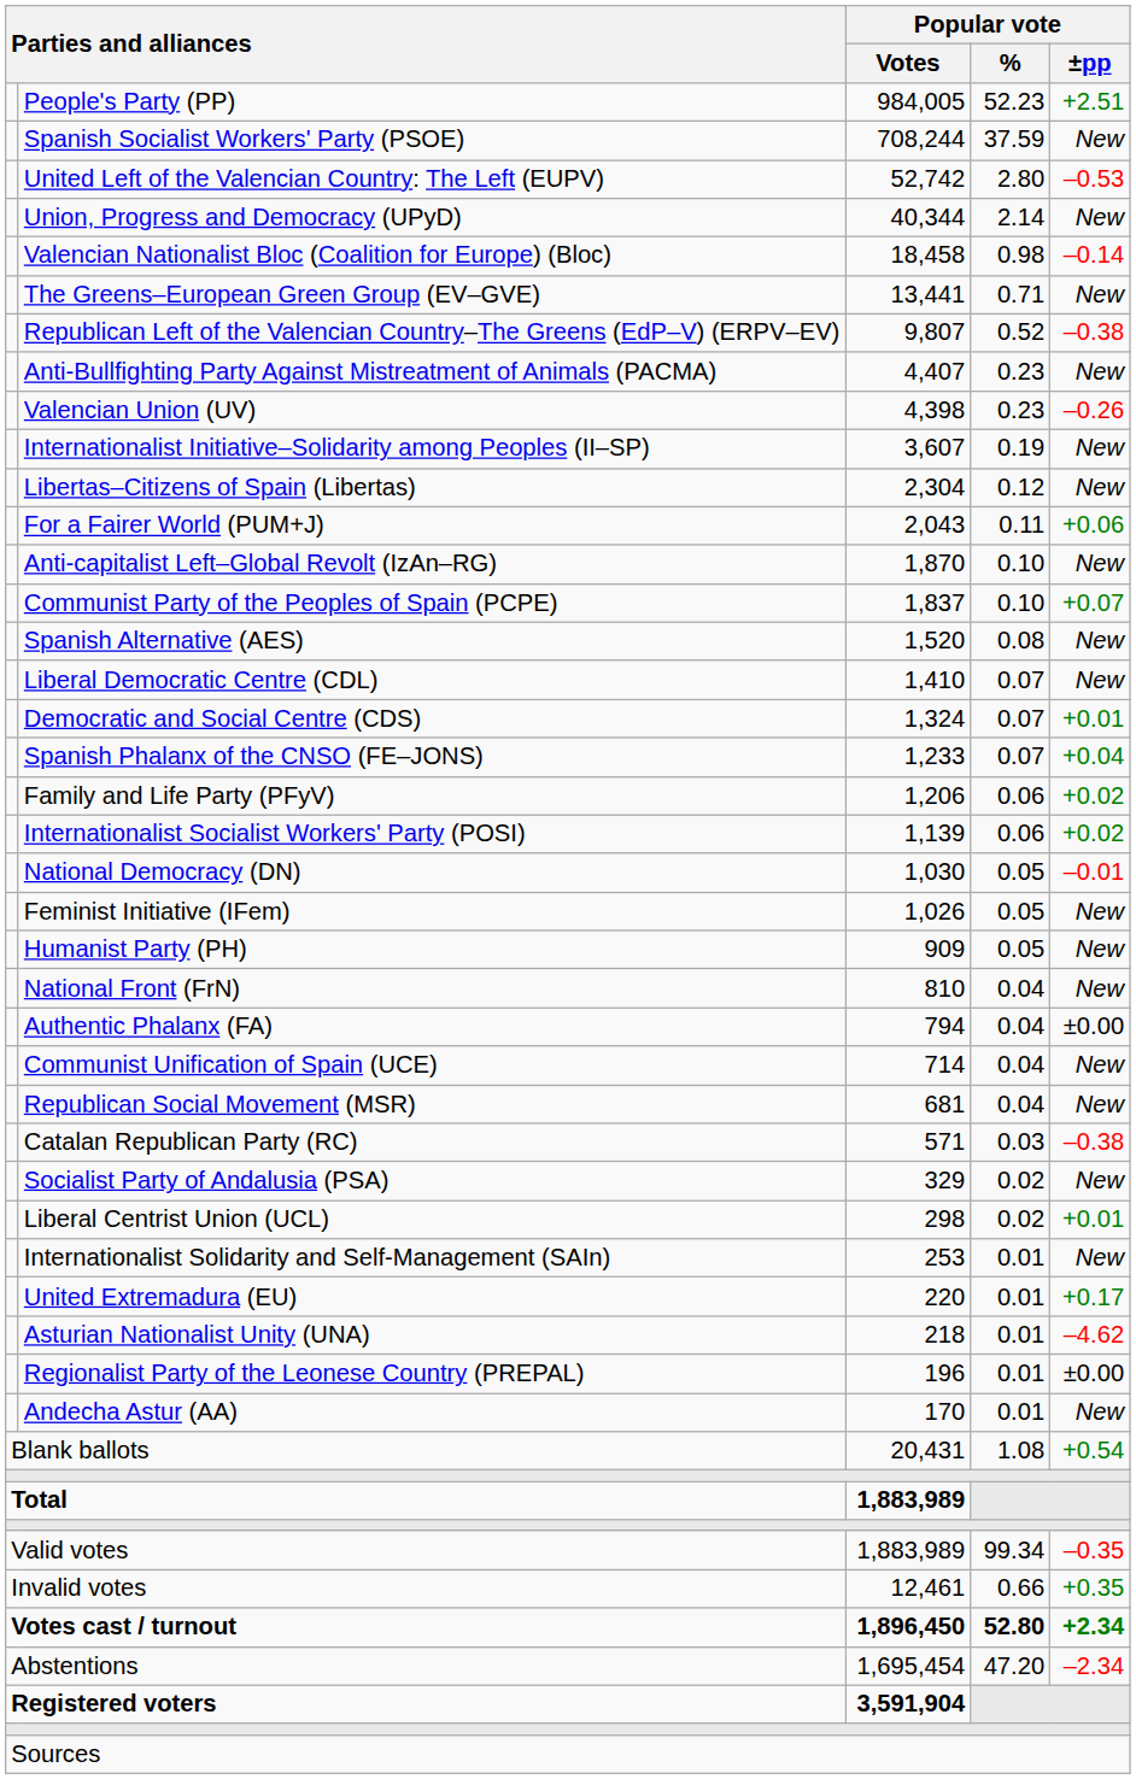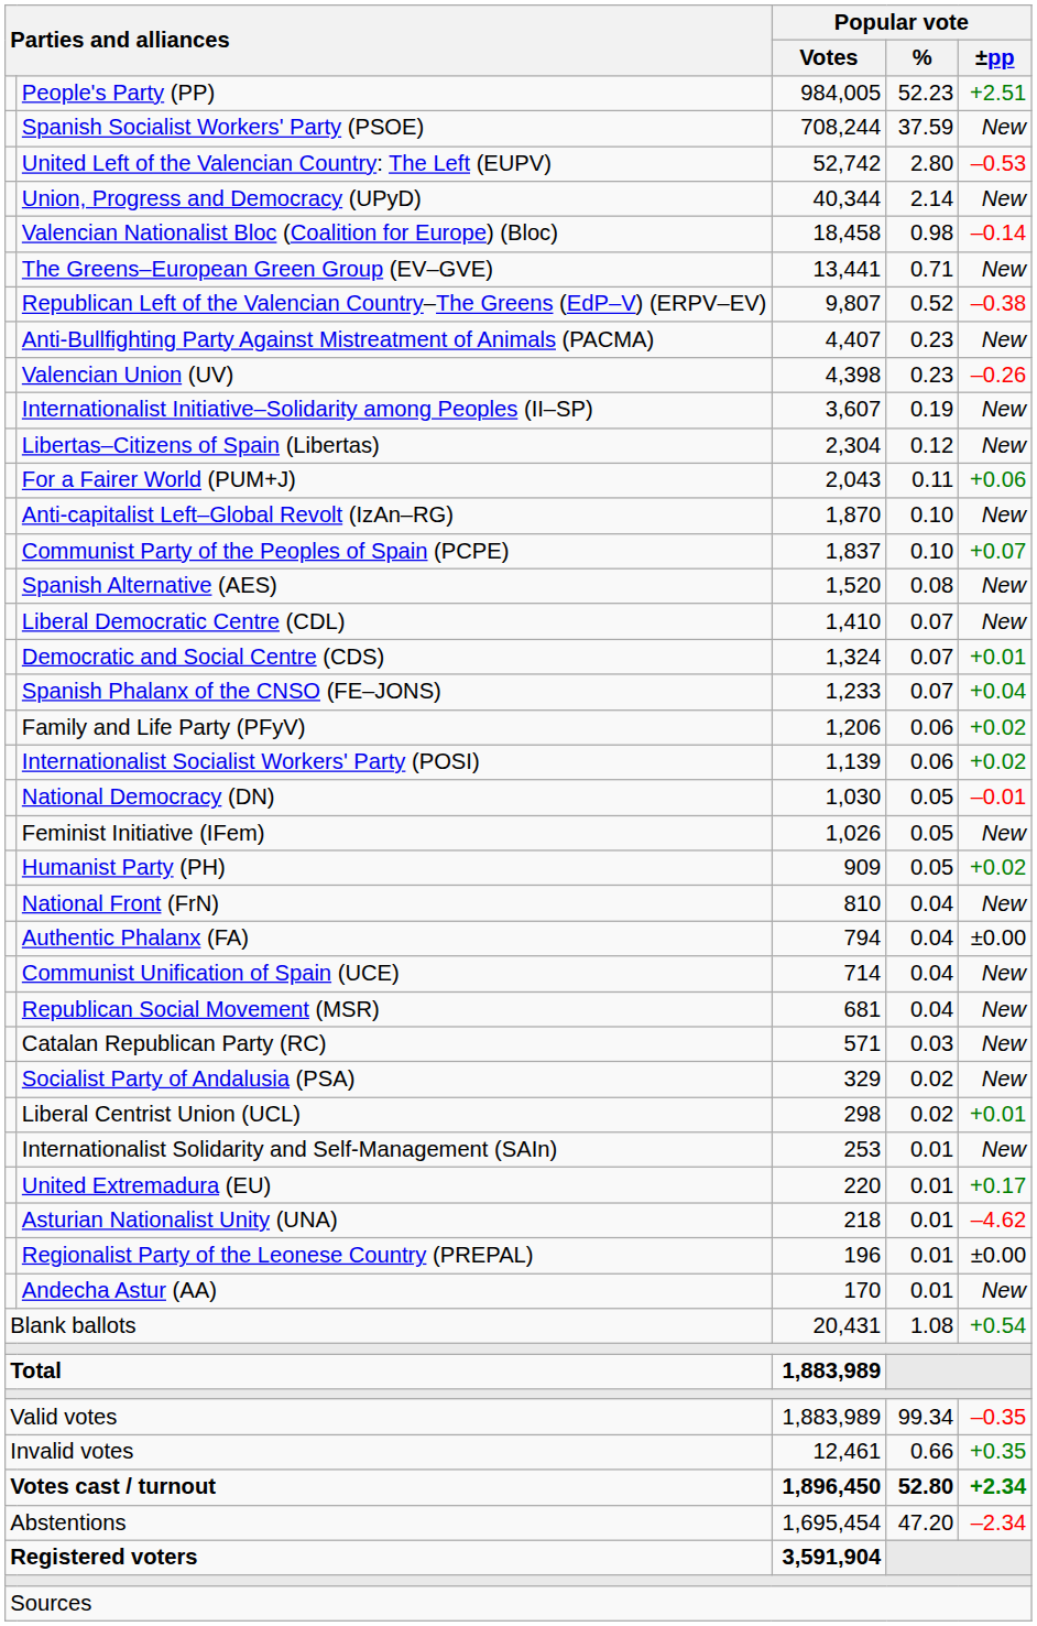 <table class="wikitable" style="text-align:right">
 <tr>
 <th style="text-align:left;" rowspan="2" colspan="2" width="525">Parties and alliances</th>
 <th colspan="3">Popular vote</th>
 </tr>
 <tr>
 <th width="75">Votes</th>
 <th width="45">%</th>
 <th width="45">±<a href='#'>pp</a></th>
 </tr>
 <tr>
 <td width="1" style="color:inherit;background:"></td>
 <td align="left"><a href='#'>People's Party</a> (PP)</td>
 <td>984,005</td>
 <td>52.23</td>
 <td style="color:green;">+2.51</td>
 </tr>
 <tr>
 <td style="color:inherit;background:"></td>
 <td align="left"><a href='#'>Spanish Socialist Workers' Party</a> (PSOE)</td>
 <td>708,244</td>
 <td>37.59</td>
 <td><em>New</em></td>
 </tr>
 <tr>
 <td style="color:inherit;background:"></td>
 <td align="left"><a href='#'>United Left of the Valencian Country</a>: <a href='#'>The Left</a> (EUPV)</td>
 <td>52,742</td>
 <td>2.80</td>
 <td style="color:red;">–0.53</td>
 </tr>
 <tr>
 <td style="color:inherit;background:"></td>
 <td align="left"><a href='#'>Union, Progress and Democracy</a> (UPyD)</td>
 <td>40,344</td>
 <td>2.14</td>
 <td><em>New</em></td>
 </tr>
 <tr>
 <td style="color:inherit;background:"></td>
 <td align="left"><a href='#'>Valencian Nationalist Bloc</a> (<a href='#'>Coalition for Europe</a>) (Bloc)</td>
 <td>18,458</td>
 <td>0.98</td>
 <td style="color:red;">–0.14</td>
 </tr>
 <tr>
 <td style="color:inherit;background:"></td>
 <td align="left"><a href='#'>The Greens–European Green Group</a> (EV–GVE)</td>
 <td>13,441</td>
 <td>0.71</td>
 <td><em>New</em></td>
 </tr>
 <tr>
 <td style="color:inherit;background:"></td>
 <td align="left"><a href='#'>Republican Left of the Valencian Country</a>–<a href='#'>The Greens</a> (<a href='#'>EdP–V</a>) (ERPV–EV)</td>
 <td>9,807</td>
 <td>0.52</td>
 <td style="color:red;">–0.38</td>
 </tr>
 <tr>
 <td style="color:inherit;background:"></td>
 <td align="left"><a href='#'>Anti-Bullfighting Party Against Mistreatment of Animals</a> (PACMA)</td>
 <td>4,407</td>
 <td>0.23</td>
 <td><em>New</em></td>
 </tr>
 <tr>
 <td style="color:inherit;background:"></td>
 <td align="left"><a href='#'>Valencian Union</a> (UV)</td>
 <td>4,398</td>
 <td>0.23</td>
 <td style="color:red;">–0.26</td>
 </tr>
 <tr>
 <td style="color:inherit;background:"></td>
 <td align="left"><a href='#'>Internationalist Initiative–Solidarity among Peoples</a> (II–SP)</td>
 <td>3,607</td>
 <td>0.19</td>
 <td><em>New</em></td>
 </tr>
 <tr>
 <td style="color:inherit;background:"></td>
 <td align="left"><a href='#'>Libertas–Citizens of Spain</a> (Libertas)</td>
 <td>2,304</td>
 <td>0.12</td>
 <td><em>New</em></td>
 </tr>
 <tr>
 <td style="color:inherit;background:"></td>
 <td align="left"><a href='#'>For a Fairer World</a> (PUM+J)</td>
 <td>2,043</td>
 <td>0.11</td>
 <td style="color:green;">+0.06</td>
 </tr>
 <tr>
 <td style="color:inherit;background:"></td>
 <td align="left"><a href='#'>Anti-capitalist Left–Global Revolt</a> (IzAn–RG)</td>
 <td>1,870</td>
 <td>0.10</td>
 <td><em>New</em></td>
 </tr>
 <tr>
 <td style="color:inherit;background:"></td>
 <td align="left"><a href='#'>Communist Party of the Peoples of Spain</a> (PCPE)</td>
 <td>1,837</td>
 <td>0.10</td>
 <td style="color:green;">+0.07</td>
 </tr>
 <tr>
 <td style="color:inherit;background:"></td>
 <td align="left"><a href='#'>Spanish Alternative</a> (AES)</td>
 <td>1,520</td>
 <td>0.08</td>
 <td><em>New</em></td>
 </tr>
 <tr>
 <td style="color:inherit;background:"></td>
 <td align="left"><a href='#'>Liberal Democratic Centre</a> (CDL)</td>
 <td>1,410</td>
 <td>0.07</td>
 <td><em>New</em></td>
 </tr>
 <tr>
 <td style="color:inherit;background:"></td>
 <td align="left"><a href='#'>Democratic and Social Centre</a> (CDS)</td>
 <td>1,324</td>
 <td>0.07</td>
 <td style="color:green;">+0.01</td>
 </tr>
 <tr>
 <td style="color:inherit;background:"></td>
 <td align="left"><a href='#'>Spanish Phalanx of the CNSO</a> (FE–JONS)</td>
 <td>1,233</td>
 <td>0.07</td>
 <td style="color:green;">+0.04</td>
 </tr>
 <tr>
 <td style="color:inherit;background:"></td>
 <td align="left">Family and Life Party (PFyV)</td>
 <td>1,206</td>
 <td>0.06</td>
 <td style="color:green;">+0.02</td>
 </tr>
 <tr>
 <td style="color:inherit;background:"></td>
 <td align="left"><a href='#'>Internationalist Socialist Workers' Party</a> (POSI)</td>
 <td>1,139</td>
 <td>0.06</td>
 <td style="color:green;">+0.02</td>
 </tr>
 <tr>
 <td style="color:inherit;background:"></td>
 <td align="left"><a href='#'>National Democracy</a> (DN)</td>
 <td>1,030</td>
 <td>0.05</td>
 <td style="color:red;">–0.01</td>
 </tr>
 <tr>
 <td style="color:inherit;background:"></td>
 <td align="left">Feminist Initiative (IFem)</td>
 <td>1,026</td>
 <td>0.05</td>
 <td><em>New</em></td>
 </tr>
 <tr>
 <td style="color:inherit;background:"></td>
 <td align="left"><a href='#'>Humanist Party</a> (PH)</td>
 <td>909</td>
 <td>0.05</td>
-<td><em>New</em></td>
+<td style="color:green;">+0.02</td>
 </tr>
 <tr>
 <td style="color:inherit;background:"></td>
 <td align="left"><a href='#'>National Front</a> (FrN)</td>
 <td>810</td>
 <td>0.04</td>
 <td><em>New</em></td>
 </tr>
 <tr>
 <td style="color:inherit;background:"></td>
 <td align="left"><a href='#'>Authentic Phalanx</a> (FA)</td>
 <td>794</td>
 <td>0.04</td>
 <td>±0.00</td>
 </tr>
 <tr>
 <td style="color:inherit;background:"></td>
 <td align="left"><a href='#'>Communist Unification of Spain</a> (UCE)</td>
 <td>714</td>
 <td>0.04</td>
 <td><em>New</em></td>
 </tr>
 <tr>
 <td style="color:inherit;background:"></td>
 <td align="left"><a href='#'>Republican Social Movement</a> (MSR)</td>
 <td>681</td>
 <td>0.04</td>
 <td><em>New</em></td>
 </tr>
 <tr>
 <td style="color:inherit;background:"></td>
 <td align="left">Catalan Republican Party (RC)</td>
 <td>571</td>
 <td>0.03</td>
-<td style="color:red;">–0.38</td>
+<td><em>New</em></td>
 </tr>
 <tr>
 <td style="color:inherit;background:"></td>
 <td align="left"><a href='#'>Socialist Party of Andalusia</a> (PSA)</td>
 <td>329</td>
 <td>0.02</td>
 <td><em>New</em></td>
 </tr>
 <tr>
 <td style="color:inherit;background:"></td>
 <td align="left">Liberal Centrist Union (UCL)</td>
 <td>298</td>
 <td>0.02</td>
 <td style="color:green;">+0.01</td>
 </tr>
 <tr>
 <td style="color:inherit;background:"></td>
 <td align="left">Internationalist Solidarity and Self-Management (SAIn)</td>
 <td>253</td>
 <td>0.01</td>
 <td><em>New</em></td>
 </tr>
 <tr>
 <td style="color:inherit;background:"></td>
 <td align="left"><a href='#'>United Extremadura</a> (EU)</td>
 <td>220</td>
 <td>0.01</td>
 <td style="color:green;">+0.17</td>
 </tr>
 <tr>
 <td style="color:inherit;background:"></td>
 <td align="left"><a href='#'>Asturian Nationalist Unity</a> (UNA)</td>
 <td>218</td>
 <td>0.01</td>
 <td style="color:red;">–4.62</td>
 </tr>
 <tr>
 <td style="color:inherit;background:"></td>
 <td align="left"><a href='#'>Regionalist Party of the Leonese Country</a> (PREPAL)</td>
 <td>196</td>
 <td>0.01</td>
 <td>±0.00</td>
 </tr>
 <tr>
 <td style="color:inherit;background:"></td>
 <td align="left"><a href='#'>Andecha Astur</a> (AA)</td>
 <td>170</td>
 <td>0.01</td>
 <td><em>New</em></td>
 </tr>
 <tr>
 <td align="left" colspan="2">Blank ballots</td>
 <td>20,431</td>
 <td>1.08</td>
 <td style="color:green;">+0.54</td>
 </tr>
 <tr>
 <td colspan="5" bgcolor="#E9E9E9"></td>
 </tr>
 <tr style="font-weight:bold;">
 <td align="left" colspan="2">Total</td>
 <td>1,883,989</td>
 <td bgcolor="#E9E9E9" colspan="2"></td>
 </tr>
 <tr>
 <td colspan="5" bgcolor="#E9E9E9"></td>
 </tr>
 <tr>
 <td align="left" colspan="2">Valid votes</td>
 <td>1,883,989</td>
 <td>99.34</td>
 <td style="color:red;">–0.35</td>
 </tr>
 <tr>
 <td align="left" colspan="2">Invalid votes</td>
 <td>12,461</td>
 <td>0.66</td>
 <td style="color:green;">+0.35</td>
 </tr>
 <tr style="font-weight:bold;">
 <td align="left" colspan="2">Votes cast / turnout</td>
 <td>1,896,450</td>
 <td>52.80</td>
 <td style="color:green;">+2.34</td>
 </tr>
 <tr>
 <td align="left" colspan="2">Abstentions</td>
 <td>1,695,454</td>
 <td>47.20</td>
 <td style="color:red;">–2.34</td>
 </tr>
 <tr style="font-weight:bold;">
 <td align="left" colspan="2">Registered voters</td>
 <td>3,591,904</td>
 <td bgcolor="#E9E9E9" colspan="2"></td>
 </tr>
 <tr>
 <td colspan="5" bgcolor="#E9E9E9"></td>
 </tr>
 <tr>
 <td align="left" colspan="5">Sources</td>
 </tr>
 </table>
